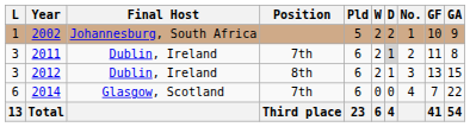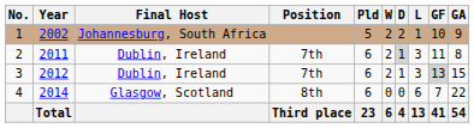 <table class="wikitable" style="text-align: center;">
 <tr>
-<th>L</th>
+<th>No.</th>
 <th>Year</th>
 <th>Final Host</th>
 <th>Position</th>
 <th>Pld</th>
 <th>W</th>
 <th>D</th>
-<th>No.</th>
+<th>L</th>
 <th>GF</th>
 <th>GA</th>
 </tr>
 <tr bgcolor=#CFAA88>
 <td>1</td>
 <td><a href='#'>2002</a></td>
 <td> <a href='#'>Johannesburg</a>, South Africa</td>
 <td></td>
 <td>5</td>
 <td>2</td>
 <td>2</td>
 <td>1</td>
 <td>10</td>
 <td>9</td>
 </tr>
 <tr>
-<td>3</td>
+<td>2</td>
 <td><a href='#'>2011</a></td>
 <td> <a href='#'>Dublin</a>, Ireland</td>
 <td>7th</td>
 <td>6</td>
 <td>2</td>
 <td style="background: lightgrey;">1</td>
-<td>2</td>
+<td>3</td>
 <td>11</td>
 <td>8</td>
 </tr>
 <tr>
 <td>3</td>
 <td><a href='#'>2012</a></td>
 <td> <a href='#'>Dublin</a>, Ireland</td>
-<td>8th</td>
+<td>7th</td>
 <td>6</td>
 <td>2</td>
 <td>1</td>
 <td>3</td>
-<td>13</td>
+<td style="background: lightgrey;">13</td>
 <td>15</td>
 </tr>
 <tr>
-<td>6</td>
+<td>4</td>
 <td><a href='#'>2014</a></td>
 <td> <a href='#'>Glasgow</a>, Scotland</td>
-<td>7th</td>
+<td>8th</td>
 <td>6</td>
 <td>0</td>
 <td>0</td>
-<td>4</td>
+<td>6</td>
 <td>7</td>
 <td>22</td>
 </tr>
 <tr>
-<th>13</th>
+<th></th>
 <th>Total</th>
 <th></th>
 <th><strong>Third place</strong></th>
 <th>23</th>
 <th>6</th>
 <th>4</th>
-<th></th>
+<th>13</th>
 <th>41</th>
 <th>54</th>
 </tr>
 </table>
